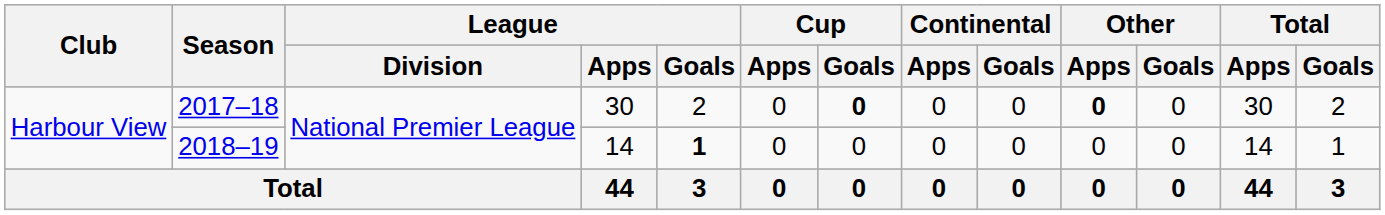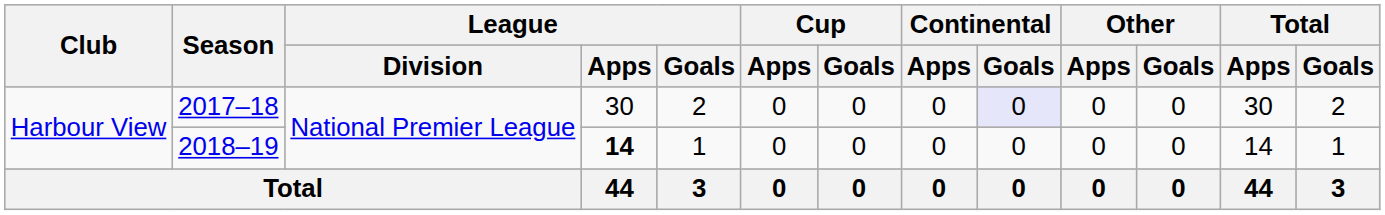 <table class="wikitable" style="text-align: center">
 <tr>
 <th rowspan="2">Club</th>
 <th rowspan="2">Season</th>
 <th colspan="3">League</th>
 <th colspan="2">Cup</th>
 <th colspan="2">Continental</th>
 <th colspan="2">Other</th>
 <th colspan="2">Total</th>
 </tr>
 <tr>
 <th>Division</th>
 <th>Apps</th>
 <th>Goals</th>
 <th>Apps</th>
 <th>Goals</th>
 <th>Apps</th>
 <th>Goals</th>
 <th>Apps</th>
 <th>Goals</th>
 <th>Apps</th>
 <th>Goals</th>
 </tr>
 <tr>
 <td rowspan="2"><a href='#'>Harbour View</a></td>
 <td><a href='#'>2017–18</a></td>
 <td rowspan="2"><a href='#'>National Premier League</a></td>
 <td>30</td>
 <td>2</td>
 <td>0</td>
-<td><strong>0</strong></td>
 <td>0</td>
 <td>0</td>
-<td><strong>0</strong></td>
+<td style="background: lavender;">0</td>
+<td>0</td>
 <td>0</td>
 <td>30</td>
 <td>2</td>
 </tr>
 <tr>
 <td><a href='#'>2018–19</a></td>
-<td>14</td>
-<td><strong>1</strong></td>
+<td><strong>14</strong></td>
+<td>1</td>
 <td>0</td>
 <td>0</td>
 <td>0</td>
 <td>0</td>
 <td>0</td>
 <td>0</td>
 <td>14</td>
 <td>1</td>
 </tr>
 <tr>
 <th colspan="3"><strong>Total</strong></th>
 <th>44</th>
 <th>3</th>
 <th>0</th>
 <th>0</th>
 <th>0</th>
 <th>0</th>
 <th>0</th>
 <th>0</th>
 <th>44</th>
 <th>3</th>
 </tr>
 </table>
